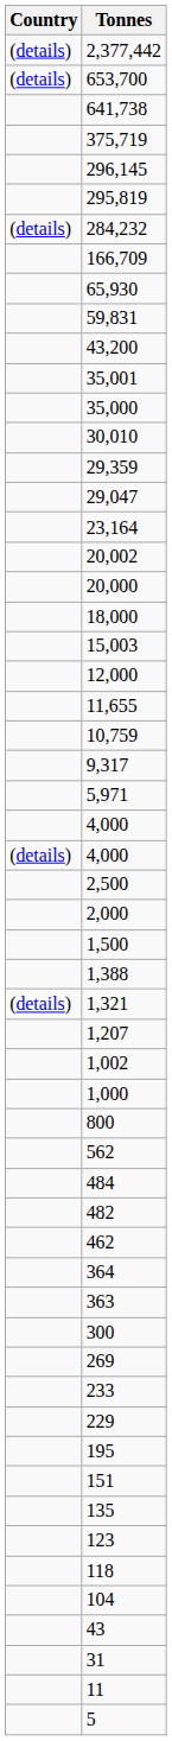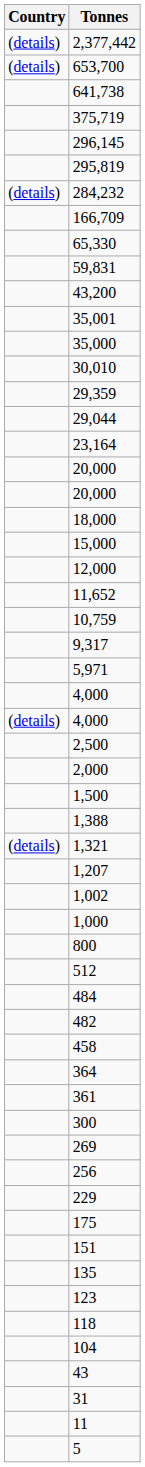 <table class="wikitable sortable sticky-header-multi static-row-numbers">
 <tr>
 <th>Country</th>
 <th>Tonnes</th>
 </tr>
 <tr>
 <td> (<a href='#'>details</a>)</td>
 <td>2,377,442</td>
 </tr>
 <tr>
 <td> (<a href='#'>details</a>)</td>
 <td>653,700</td>
 </tr>
 <tr>
 <td></td>
 <td>641,738</td>
 </tr>
 <tr>
 <td></td>
 <td>375,719</td>
 </tr>
 <tr>
 <td></td>
 <td>296,145</td>
 </tr>
 <tr>
 <td></td>
 <td>295,819</td>
 </tr>
 <tr>
 <td> (<a href='#'>details</a>)</td>
 <td>284,232</td>
 </tr>
 <tr>
 <td></td>
 <td>166,709</td>
 </tr>
 <tr>
 <td></td>
-<td>65,930</td>
+<td>65,330</td>
 </tr>
 <tr>
 <td></td>
 <td>59,831</td>
 </tr>
 <tr>
 <td></td>
 <td>43,200</td>
 </tr>
 <tr>
 <td></td>
 <td>35,001</td>
 </tr>
 <tr>
 <td></td>
 <td>35,000</td>
 </tr>
 <tr>
 <td></td>
 <td>30,010</td>
 </tr>
 <tr>
 <td></td>
 <td>29,359</td>
 </tr>
 <tr>
 <td></td>
-<td>29,047</td>
+<td>29,044</td>
 </tr>
 <tr>
 <td></td>
 <td>23,164</td>
 </tr>
 <tr>
 <td></td>
-<td>20,002</td>
+<td>20,000</td>
 </tr>
 <tr>
 <td></td>
 <td>20,000</td>
 </tr>
 <tr>
 <td></td>
 <td>18,000</td>
 </tr>
 <tr>
 <td></td>
-<td>15,003</td>
+<td>15,000</td>
 </tr>
 <tr>
 <td></td>
 <td>12,000</td>
 </tr>
 <tr>
 <td></td>
-<td>11,655</td>
+<td>11,652</td>
 </tr>
 <tr>
 <td></td>
 <td>10,759</td>
 </tr>
 <tr>
 <td></td>
 <td>9,317</td>
 </tr>
 <tr>
 <td></td>
 <td>5,971</td>
 </tr>
 <tr>
 <td></td>
 <td>4,000</td>
 </tr>
 <tr>
 <td> (<a href='#'>details</a>)</td>
 <td>4,000</td>
 </tr>
 <tr>
 <td></td>
 <td>2,500</td>
 </tr>
 <tr>
 <td></td>
 <td>2,000</td>
 </tr>
 <tr>
 <td></td>
 <td>1,500</td>
 </tr>
 <tr>
 <td></td>
 <td>1,388</td>
 </tr>
 <tr>
 <td> (<a href='#'>details</a>)</td>
 <td>1,321</td>
 </tr>
 <tr>
 <td></td>
 <td>1,207</td>
 </tr>
 <tr>
 <td></td>
 <td>1,002</td>
 </tr>
 <tr>
 <td></td>
 <td>1,000</td>
 </tr>
 <tr>
 <td></td>
 <td>800</td>
 </tr>
 <tr>
 <td></td>
-<td>562</td>
+<td>512</td>
 </tr>
 <tr>
 <td></td>
 <td>484</td>
 </tr>
 <tr>
 <td></td>
 <td>482</td>
 </tr>
 <tr>
 <td></td>
-<td>462</td>
+<td>458</td>
 </tr>
 <tr>
 <td></td>
 <td>364</td>
 </tr>
 <tr>
 <td></td>
-<td>363</td>
+<td>361</td>
 </tr>
 <tr>
 <td></td>
 <td>300</td>
 </tr>
 <tr>
 <td></td>
 <td>269</td>
 </tr>
 <tr>
 <td></td>
-<td>233</td>
+<td>256</td>
 </tr>
 <tr>
 <td></td>
 <td>229</td>
 </tr>
 <tr>
 <td></td>
-<td>195</td>
+<td>175</td>
 </tr>
 <tr>
 <td></td>
 <td>151</td>
 </tr>
 <tr>
 <td></td>
 <td>135</td>
 </tr>
 <tr>
 <td></td>
 <td>123</td>
 </tr>
 <tr>
 <td></td>
 <td>118</td>
 </tr>
 <tr>
 <td></td>
 <td>104</td>
 </tr>
 <tr>
 <td></td>
 <td>43</td>
 </tr>
 <tr>
 <td></td>
 <td>31</td>
 </tr>
 <tr>
 <td></td>
 <td>11</td>
 </tr>
 <tr>
 <td></td>
 <td>5</td>
 </tr>
 </table>
